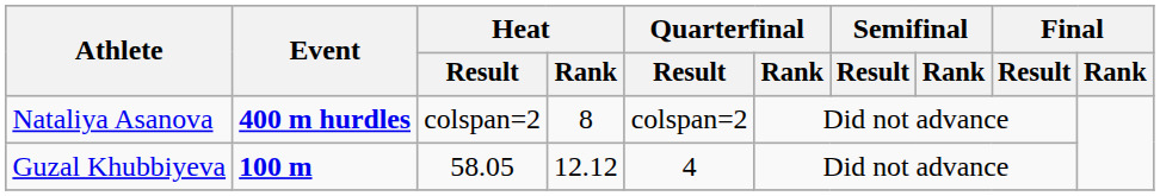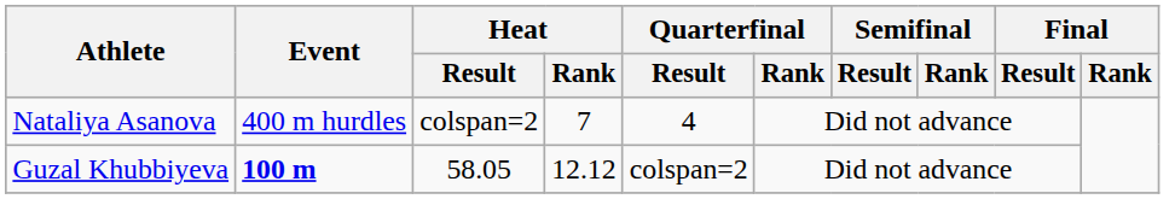 <table class="wikitable" style="font-size:90%">
 <tr>
 <th rowspan="2">Athlete</th>
 <th rowspan="2">Event</th>
 <th colspan="2">Heat</th>
 <th colspan="2">Quarterfinal</th>
 <th colspan="2">Semifinal</th>
 <th colspan="2">Final</th>
 </tr>
 <tr style="font-size:95%">
 <th>Result</th>
 <th>Rank</th>
 <th>Result</th>
 <th>Rank</th>
 <th>Result</th>
 <th>Rank</th>
 <th>Result</th>
 <th>Rank</th>
 </tr>
 <tr align=center>
 <td align=left><a href='#'>Nataliya Asanova</a></td>
-<td align=left><strong><a href='#'>400 m hurdles</a></strong></td>
+<td align=left><a href='#'>400 m hurdles</a></td>
 <td>colspan=2 </td>
-<td>8</td>
-<td>colspan=2 </td>
+<td>7</td>
+<td>4</td>
 <td colspan=4>Did not advance</td>
 </tr>
 <tr align=center>
 <td align=left><a href='#'>Guzal Khubbiyeva</a></td>
 <td align=left><strong><a href='#'>100 m</a></strong></td>
 <td>58.05</td>
 <td>12.12</td>
-<td>4</td>
+<td>colspan=2 </td>
 <td colspan=4>Did not advance</td>
 </tr>
 </table>
